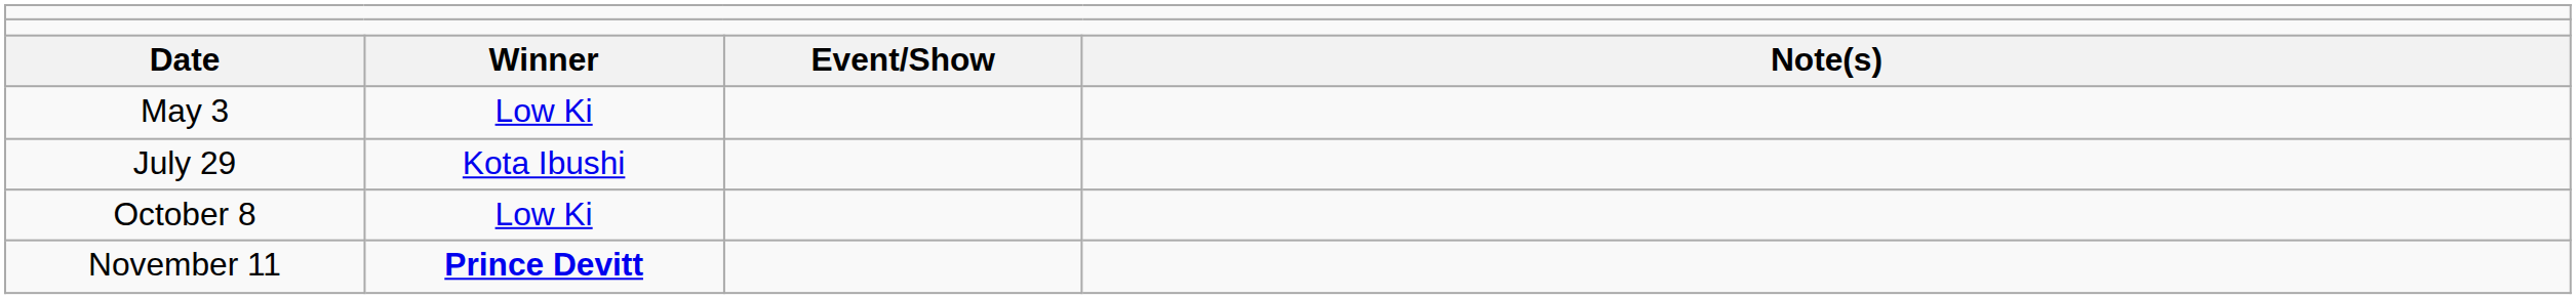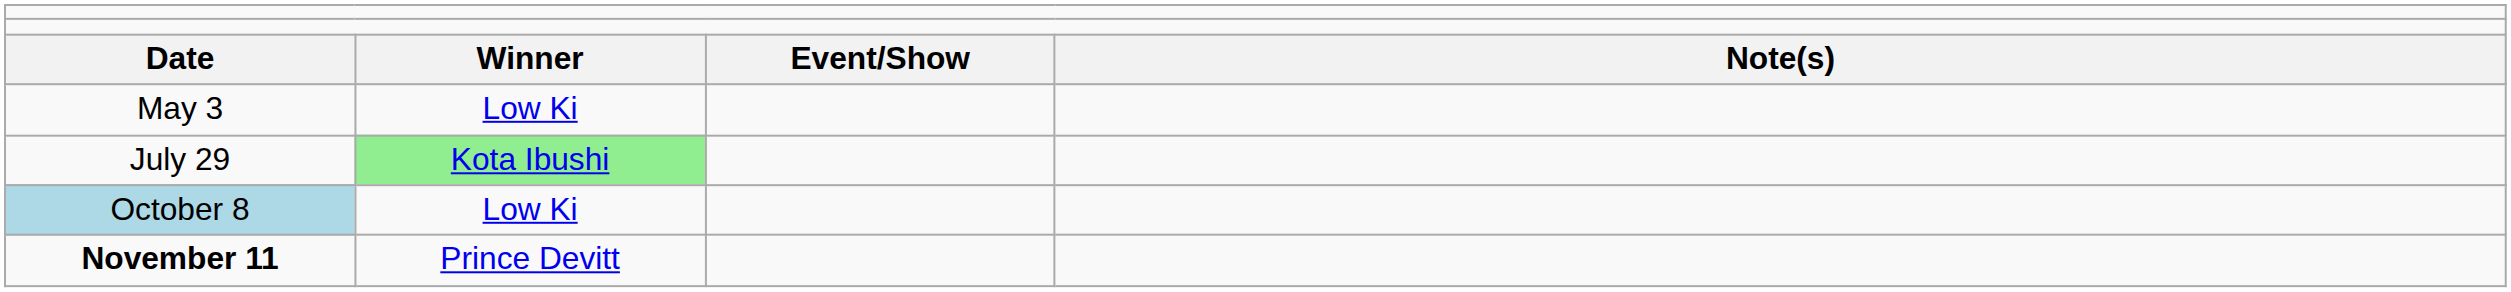 <table class="wikitable" style="text-align:center; width:100%;">
 <tr>
 <td colspan="5"></td>
 </tr>
 <tr>
 <td colspan="5"><strong></strong></td>
 </tr>
 <tr>
 <th width=14%>Date</th>
 <th width=14%>Winner</th>
 <th width=14%>Event/Show</th>
 <th width=58%>Note(s)</th>
 </tr>
 <tr>
 <td>May 3</td>
 <td><a href='#'>Low Ki</a></td>
 <td></td>
 <td align=left></td>
 </tr>
 <tr>
 <td>July 29</td>
-<td><a href='#'>Kota Ibushi</a></td>
+<td style="background: lightgreen;"><a href='#'>Kota Ibushi</a></td>
 <td></td>
 <td align=left></td>
 </tr>
 <tr>
-<td>October 8</td>
+<td style="background: lightblue;">October 8</td>
 <td><a href='#'>Low Ki</a></td>
 <td></td>
 <td align=left></td>
 </tr>
 <tr>
-<td>November 11</td>
-<td><strong><a href='#'>Prince Devitt</a></strong></td>
+<td><strong>November 11</strong></td>
+<td><a href='#'>Prince Devitt</a></td>
 <td></td>
 <td align=left></td>
 </tr>
 </table>
